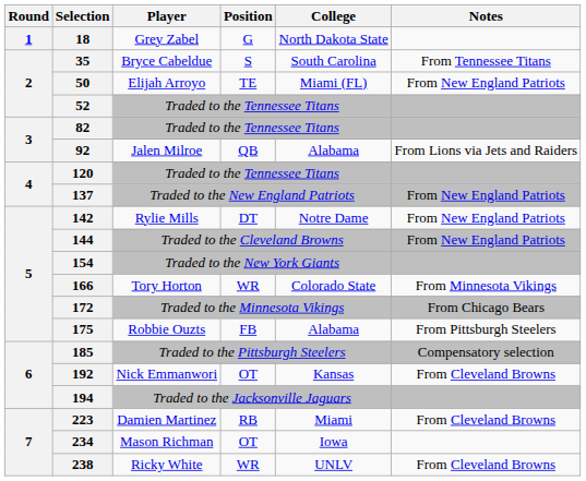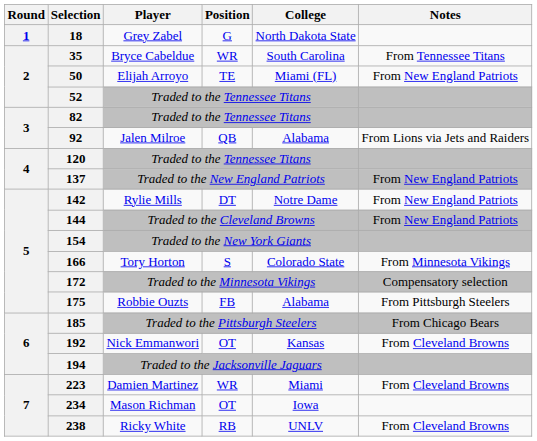 <table class="wikitable" style="text-align:center">
 <tr>
 <th>Round</th>
 <th>Selection</th>
 <th>Player</th>
 <th>Position</th>
 <th>College</th>
 <th>Notes</th>
 </tr>
 <tr>
 <th><a href='#'>1</a></th>
 <th>18</th>
 <td><a href='#'>Grey Zabel</a></td>
 <td><a href='#'>G</a></td>
 <td><a href='#'>North Dakota State</a></td>
 <td></td>
 </tr>
 <tr>
 <th rowspan="3">2</th>
 <th>35</th>
 <td><a href='#'>Bryce Cabeldue</a></td>
-<td><a href='#'>S</a></td>
+<td><a href='#'>WR</a></td>
 <td><a href='#'>South Carolina</a></td>
 <td>From <a href='#'>Tennessee Titans</a></td>
 </tr>
 <tr>
 <th>50</th>
 <td><a href='#'>Elijah Arroyo</a></td>
 <td><a href='#'>TE</a></td>
 <td><a href='#'>Miami (FL)</a></td>
 <td>From <a href='#'>New England Patriots</a></td>
 </tr>
 <tr>
 <th>52</th>
 <td colspan="3" style="background:#BFBFBF"><em>Traded to the <a href='#'>Tennessee Titans</a></em></td>
 <td style="background:#BFBFBF"></td>
 </tr>
 <tr>
 <th rowspan="2">3</th>
 <th>82</th>
 <td colspan="3" style="background:#BFBFBF"><em>Traded to the <a href='#'>Tennessee Titans</a></em></td>
 <td style="background:#BFBFBF"></td>
 </tr>
 <tr>
 <th>92</th>
 <td><a href='#'>Jalen Milroe</a></td>
 <td><a href='#'>QB</a></td>
 <td><a href='#'>Alabama</a></td>
 <td>From Lions via Jets and Raiders</td>
 </tr>
 <tr>
 <th rowspan="2">4</th>
 <th>120</th>
 <td colspan="3" style="background:#BFBFBF"><em>Traded to the <a href='#'>Tennessee Titans</a></em></td>
 <td style="background:#BFBFBF"></td>
 </tr>
 <tr>
 <th>137</th>
 <td colspan="3" style="background:#BFBFBF"><em>Traded to the <a href='#'>New England Patriots</a></em></td>
 <td style="background:#BFBFBF">From <a href='#'>New England Patriots</a></td>
 </tr>
 <tr>
 <th rowspan="6">5</th>
 <th>142</th>
 <td><a href='#'>Rylie Mills</a></td>
 <td><a href='#'>DT</a></td>
 <td><a href='#'>Notre Dame</a></td>
 <td>From <a href='#'>New England Patriots</a></td>
 </tr>
 <tr>
 <th>144</th>
 <td colspan="3" style="background:#BFBFBF"><em>Traded to the <a href='#'>Cleveland Browns</a></em></td>
 <td style="background:#BFBFBF">From <a href='#'>New England Patriots</a></td>
 </tr>
 <tr>
 <th>154</th>
 <td colspan="3" style="background:#BFBFBF"><em>Traded to the <a href='#'>New York Giants</a></em></td>
 <td style="background:#BFBFBF"></td>
 </tr>
 <tr>
 <th>166</th>
 <td><a href='#'>Tory Horton</a></td>
-<td><a href='#'>WR</a></td>
+<td><a href='#'>S</a></td>
 <td><a href='#'>Colorado State</a></td>
 <td>From <a href='#'>Minnesota Vikings</a></td>
 </tr>
 <tr>
 <th>172</th>
 <td colspan="3" style="background:#BFBFBF"><em>Traded to the <a href='#'>Minnesota Vikings</a></em></td>
-<td style="background:#BFBFBF">From Chicago Bears</td>
+<td style="background:#BFBFBF">Compensatory selection</td>
 </tr>
 <tr>
 <th>175</th>
 <td><a href='#'>Robbie Ouzts</a></td>
 <td><a href='#'>FB</a></td>
 <td><a href='#'>Alabama</a></td>
 <td>From Pittsburgh Steelers</td>
 </tr>
 <tr>
 <th rowspan="3">6</th>
 <th>185</th>
 <td colspan="3" style="background:#BFBFBF"><em>Traded to the <a href='#'>Pittsburgh Steelers</a></em></td>
-<td style="background:#BFBFBF">Compensatory selection</td>
+<td style="background:#BFBFBF">From Chicago Bears</td>
 </tr>
 <tr>
 <th>192</th>
 <td><a href='#'>Nick Emmanwori</a></td>
 <td><a href='#'>OT</a></td>
 <td><a href='#'>Kansas</a></td>
 <td>From <a href='#'>Cleveland Browns</a></td>
 </tr>
 <tr>
 <th>194</th>
 <td colspan="3" style="background:#BFBFBF"><em>Traded to the <a href='#'>Jacksonville Jaguars</a></em></td>
 <td style="background:#BFBFBF"></td>
 </tr>
 <tr>
 <th rowspan="3">7</th>
 <th>223</th>
 <td><a href='#'>Damien Martinez</a></td>
-<td><a href='#'>RB</a></td>
+<td><a href='#'>WR</a></td>
 <td><a href='#'>Miami</a></td>
 <td>From <a href='#'>Cleveland Browns</a></td>
 </tr>
 <tr>
 <th>234</th>
 <td><a href='#'>Mason Richman</a></td>
 <td><a href='#'>OT</a></td>
 <td><a href='#'>Iowa</a></td>
 <td></td>
 </tr>
 <tr>
 <th>238</th>
 <td><a href='#'>Ricky White</a></td>
-<td><a href='#'>WR</a></td>
+<td><a href='#'>RB</a></td>
 <td><a href='#'>UNLV</a></td>
 <td>From <a href='#'>Cleveland Browns</a></td>
 </tr>
 </table>
